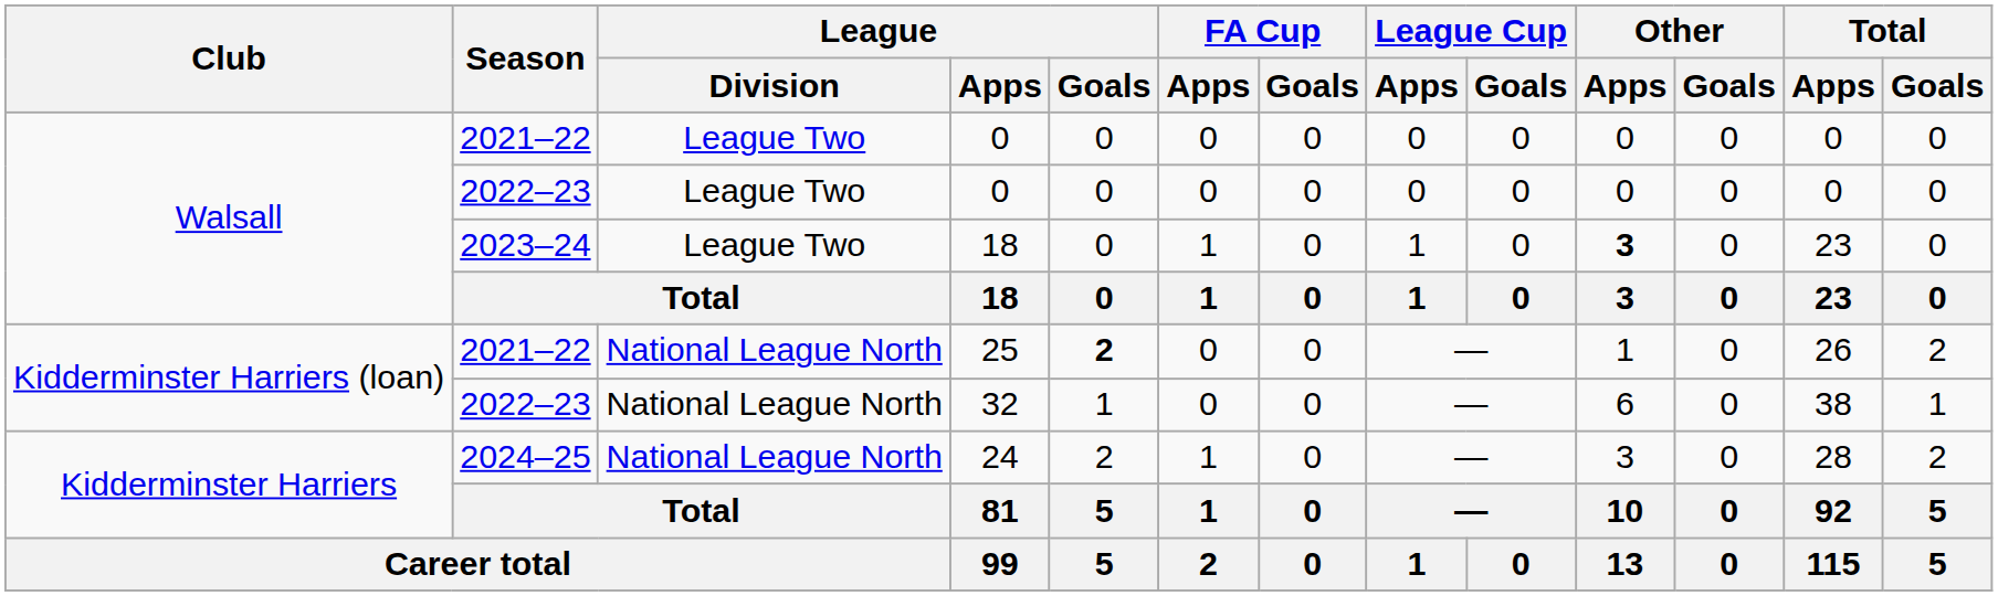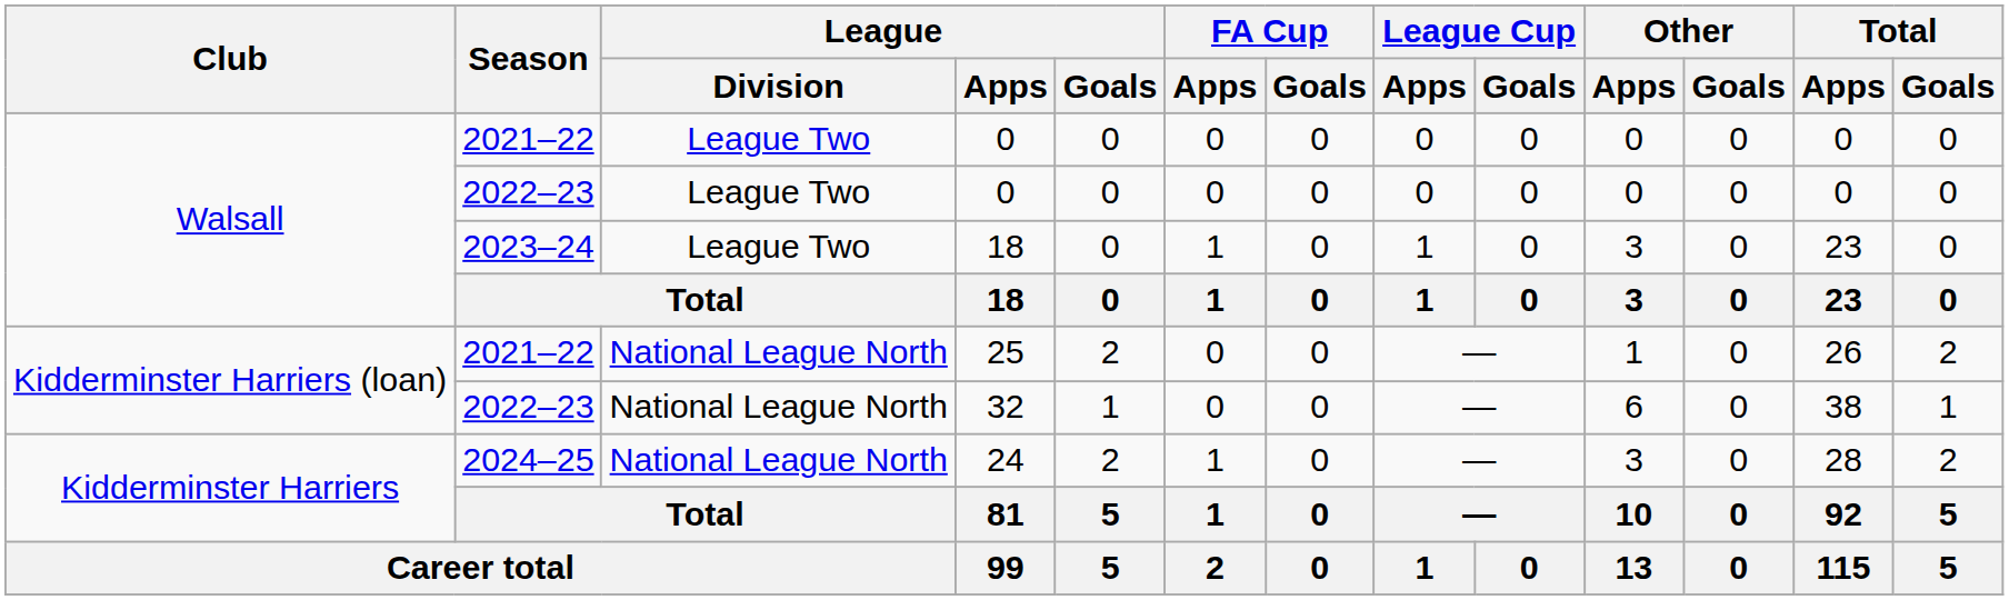 <table class="wikitable" style="text-align: center">
 <tr>
 <th rowspan="2">Club</th>
 <th rowspan="2">Season</th>
 <th colspan="3">League</th>
 <th colspan="2"><a href='#'>FA Cup</a></th>
 <th colspan="2"><a href='#'>League Cup</a></th>
 <th colspan="2">Other</th>
 <th colspan="2">Total</th>
 </tr>
 <tr>
 <th>Division</th>
 <th>Apps</th>
 <th>Goals</th>
 <th>Apps</th>
 <th>Goals</th>
 <th>Apps</th>
 <th>Goals</th>
 <th>Apps</th>
 <th>Goals</th>
 <th>Apps</th>
 <th>Goals</th>
 </tr>
 <tr>
 <td rowspan="4"><a href='#'>Walsall</a></td>
 <td><a href='#'>2021–22</a></td>
 <td><a href='#'>League Two</a></td>
 <td>0</td>
 <td>0</td>
 <td>0</td>
 <td>0</td>
 <td>0</td>
 <td>0</td>
 <td>0</td>
 <td>0</td>
 <td>0</td>
 <td>0</td>
 </tr>
 <tr>
 <td><a href='#'>2022–23</a></td>
 <td>League Two</td>
 <td>0</td>
 <td>0</td>
 <td>0</td>
 <td>0</td>
 <td>0</td>
 <td>0</td>
 <td>0</td>
 <td>0</td>
 <td>0</td>
 <td>0</td>
 </tr>
 <tr>
 <td><a href='#'>2023–24</a></td>
 <td>League Two</td>
 <td>18</td>
 <td>0</td>
 <td>1</td>
 <td>0</td>
 <td>1</td>
 <td>0</td>
-<td><strong>3</strong></td>
+<td>3</td>
 <td>0</td>
 <td>23</td>
 <td>0</td>
 </tr>
 <tr>
 <th colspan="2">Total</th>
 <th>18</th>
 <th>0</th>
 <th>1</th>
 <th>0</th>
 <th>1</th>
 <th>0</th>
 <th>3</th>
 <th>0</th>
 <th>23</th>
 <th>0</th>
 </tr>
 <tr>
 <td rowspan="2"><a href='#'>Kidderminster Harriers</a> (loan)</td>
 <td><a href='#'>2021–22</a></td>
 <td><a href='#'>National League North</a></td>
 <td>25</td>
-<td><strong>2</strong></td>
+<td>2</td>
 <td>0</td>
 <td>0</td>
 <td colspan="2">—</td>
 <td>1</td>
 <td>0</td>
 <td>26</td>
 <td>2</td>
 </tr>
 <tr>
 <td><a href='#'>2022–23</a></td>
 <td>National League North</td>
 <td>32</td>
 <td>1</td>
 <td>0</td>
 <td>0</td>
 <td colspan="2">—</td>
 <td>6</td>
 <td>0</td>
 <td>38</td>
 <td>1</td>
 </tr>
 <tr>
 <td rowspan="2"><a href='#'>Kidderminster Harriers</a></td>
 <td><a href='#'>2024–25</a></td>
 <td><a href='#'>National League North</a></td>
 <td>24</td>
 <td>2</td>
 <td>1</td>
 <td>0</td>
 <td colspan="2">—</td>
 <td>3</td>
 <td>0</td>
 <td>28</td>
 <td>2</td>
 </tr>
 <tr>
 <th colspan="2">Total</th>
 <th>81</th>
 <th>5</th>
 <th>1</th>
 <th>0</th>
 <th colspan="2">—</th>
 <th>10</th>
 <th>0</th>
 <th>92</th>
 <th>5</th>
 </tr>
 <tr>
 <th colspan="3">Career total</th>
 <th>99</th>
 <th>5</th>
 <th>2</th>
 <th>0</th>
 <th>1</th>
 <th>0</th>
 <th>13</th>
 <th>0</th>
 <th>115</th>
 <th>5</th>
 </tr>
 </table>
